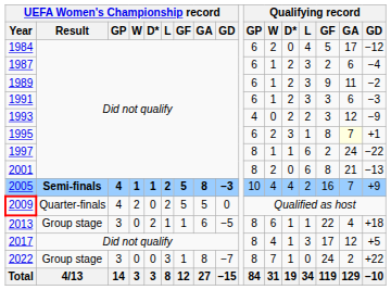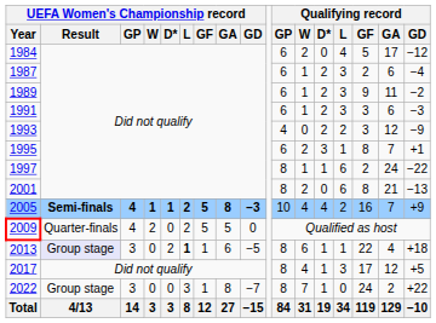 <table class="wikitable" style="text-align: center;">
 <tr>
 <th colspan=9><a href='#'>UEFA Women's Championship</a> record</th>
 <td rowspan=16></td>
 <th colspan=7>Qualifying record</th>
 </tr>
 <tr>
 <th>Year</th>
 <th>Result</th>
 <th>GP</th>
 <th>W</th>
 <th>D*</th>
 <th>L</th>
 <th>GF</th>
 <th>GA</th>
 <th>GD</th>
 <th>GP</th>
 <th>W</th>
 <th>D*</th>
 <th>L</th>
 <th>GF</th>
 <th>GA</th>
 <th>GD</th>
 </tr>
 <tr>
 <td><a href='#'>1984</a></td>
 <td rowspan="8" colspan="8"><em>Did not qualify</em></td>
 <td>6</td>
 <td>2</td>
 <td>0</td>
 <td>4</td>
 <td>5</td>
 <td>17</td>
 <td>−12</td>
 </tr>
 <tr>
 <td> <a href='#'>1987</a></td>
 <td>6</td>
 <td>1</td>
 <td>2</td>
 <td>3</td>
 <td>2</td>
 <td>6</td>
 <td>−4</td>
 </tr>
 <tr>
 <td> <a href='#'>1989</a></td>
 <td>6</td>
 <td>1</td>
 <td>2</td>
 <td>3</td>
 <td>9</td>
 <td>11</td>
 <td>−2</td>
 </tr>
 <tr>
 <td> <a href='#'>1991</a></td>
 <td>6</td>
 <td>1</td>
 <td>2</td>
 <td>3</td>
 <td>3</td>
 <td>6</td>
 <td>−3</td>
 </tr>
 <tr>
 <td> <a href='#'>1993</a></td>
 <td>4</td>
 <td>0</td>
 <td>2</td>
 <td>2</td>
 <td>3</td>
 <td>12</td>
 <td>−9</td>
 </tr>
 <tr>
 <td> <a href='#'>1995</a></td>
 <td>6</td>
 <td>2</td>
 <td>3</td>
 <td>1</td>
 <td>8</td>
-<td style="background: lightyellow;">7</td>
+<td>7</td>
 <td>+1</td>
 </tr>
 <tr>
 <td>  <a href='#'>1997</a></td>
 <td>8</td>
 <td>1</td>
 <td>1</td>
 <td>6</td>
 <td>2</td>
 <td>24</td>
 <td>−22</td>
 </tr>
 <tr>
 <td> <a href='#'>2001</a></td>
 <td>8</td>
 <td>2</td>
 <td>0</td>
 <td>6</td>
 <td>8</td>
 <td>21</td>
 <td>−13</td>
 </tr>
 <tr style="background:#9acdff;">
 <td> <a href='#'>2005</a></td>
 <td><strong>Semi-finals</strong></td>
 <td><strong>4</strong></td>
 <td><strong>1</strong></td>
 <td><strong>1</strong></td>
 <td><strong>2</strong></td>
 <td><strong>5</strong></td>
 <td><strong>8</strong></td>
 <td><strong>−3</strong></td>
 <td>10</td>
 <td>4</td>
 <td>4</td>
 <td>2</td>
 <td>16</td>
 <td>7</td>
 <td>+9</td>
 </tr>
 <tr>
 <td style="border: 3px solid red"> <a href='#'>2009</a></td>
 <td>Quarter-finals</td>
 <td>4</td>
 <td>2</td>
 <td>0</td>
 <td>2</td>
 <td>5</td>
 <td>5</td>
 <td>0</td>
 <td colspan=7><em>Qualified as host</em></td>
 </tr>
 <tr>
 <td> <a href='#'>2013</a></td>
-<td>Group stage</td>
+<td style="background: lavender;">Group stage</td>
 <td>3</td>
 <td>0</td>
 <td>2</td>
-<td>1</td>
+<td><strong>1</strong></td>
 <td>1</td>
 <td>6</td>
 <td>−5</td>
 <td>8</td>
 <td>6</td>
 <td>1</td>
 <td>1</td>
 <td>22</td>
 <td>4</td>
 <td>+18</td>
 </tr>
 <tr>
 <td> <a href='#'>2017</a></td>
 <td colspan=8><em>Did not qualify</em></td>
 <td>8</td>
 <td>4</td>
 <td>1</td>
 <td>3</td>
 <td>17</td>
 <td>12</td>
 <td>+5</td>
 </tr>
 <tr>
 <td> <a href='#'>2022</a></td>
 <td>Group stage</td>
 <td>3</td>
 <td>0</td>
 <td>0</td>
 <td>3</td>
 <td>1</td>
 <td>8</td>
 <td>−7</td>
 <td>8</td>
 <td>7</td>
 <td>1</td>
 <td>0</td>
 <td>24</td>
 <td>2</td>
 <td>+22</td>
 </tr>
 <tr>
 <th>Total</th>
 <th>4/13</th>
 <th>14</th>
 <th>3</th>
 <th>3</th>
 <th>8</th>
 <th>12</th>
 <th>27</th>
 <th>−15</th>
 <th>84</th>
 <th>31</th>
 <th>19</th>
 <th>34</th>
 <th>119</th>
 <th>129</th>
 <th>−10</th>
 </tr>
 </table>
